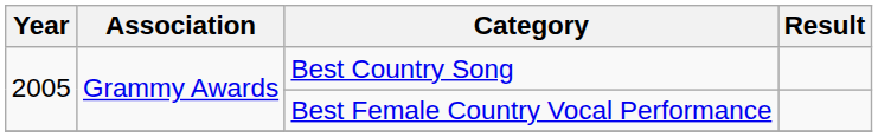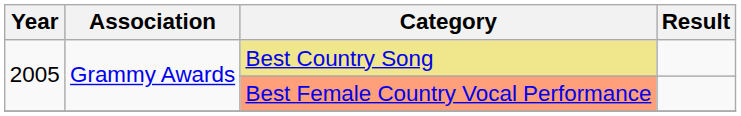 <table class="wikitable plainrowheaders">
 <tr>
 <th>Year</th>
 <th>Association</th>
 <th>Category</th>
 <th>Result</th>
 </tr>
 <tr>
 <td rowspan="2">2005</td>
 <td rowspan="2"><a href='#'>Grammy Awards</a></td>
-<td><a href='#'>Best Country Song</a></td>
+<td style="background: khaki;"><a href='#'>Best Country Song</a></td>
 <td></td>
 </tr>
 <tr>
-<td><a href='#'>Best Female Country Vocal Performance</a></td>
+<td style="background: lightsalmon;"><a href='#'>Best Female Country Vocal Performance</a></td>
 <td></td>
 </tr>
 <tr>
 </tr>
 </table>
